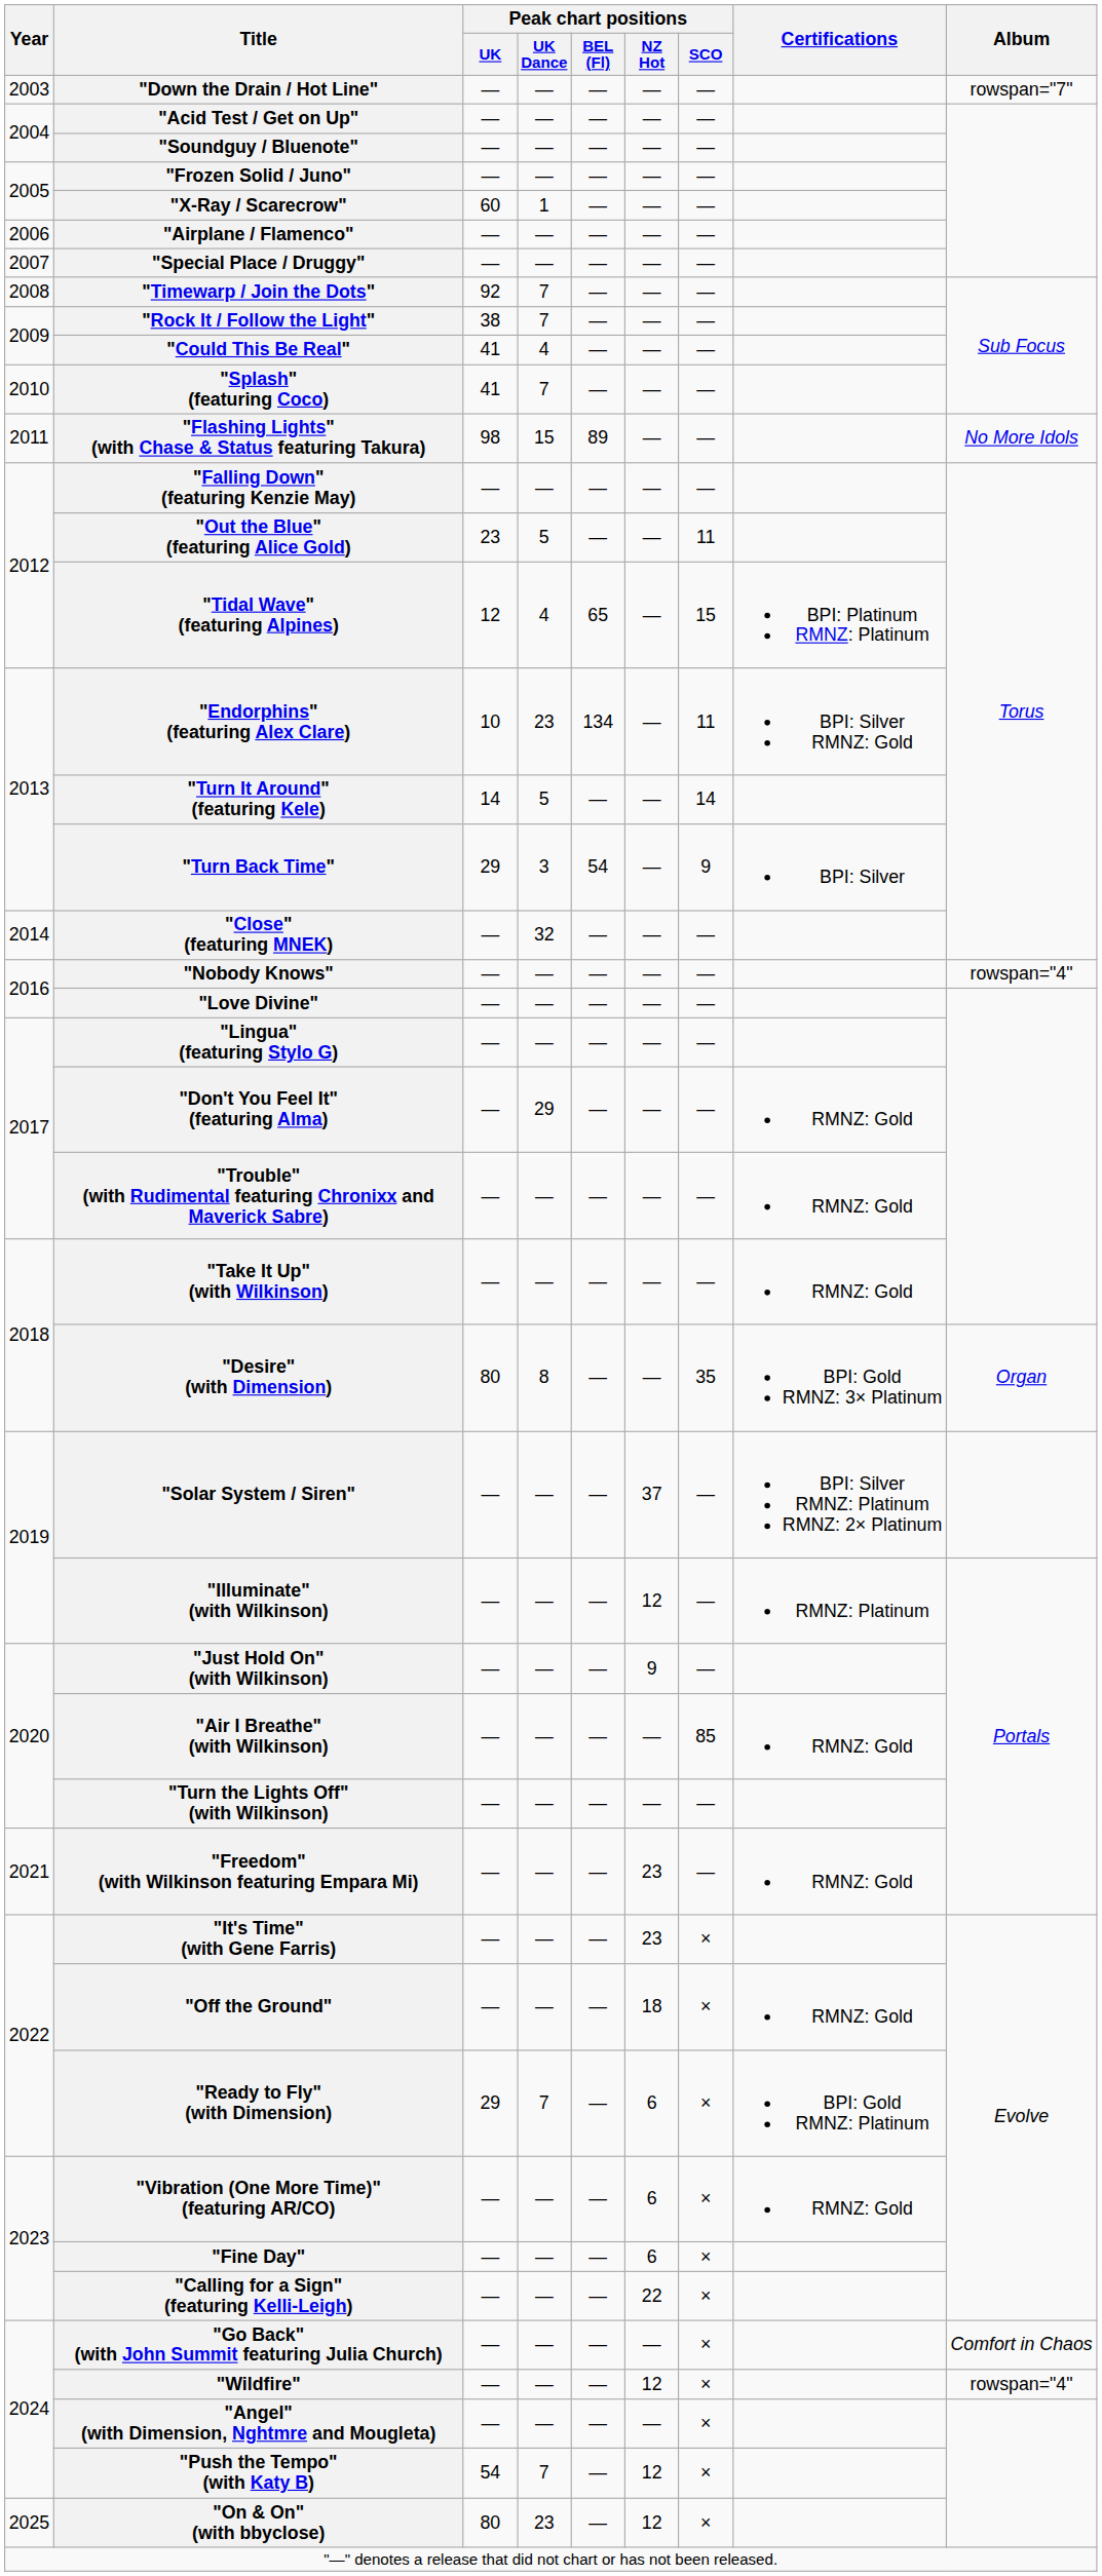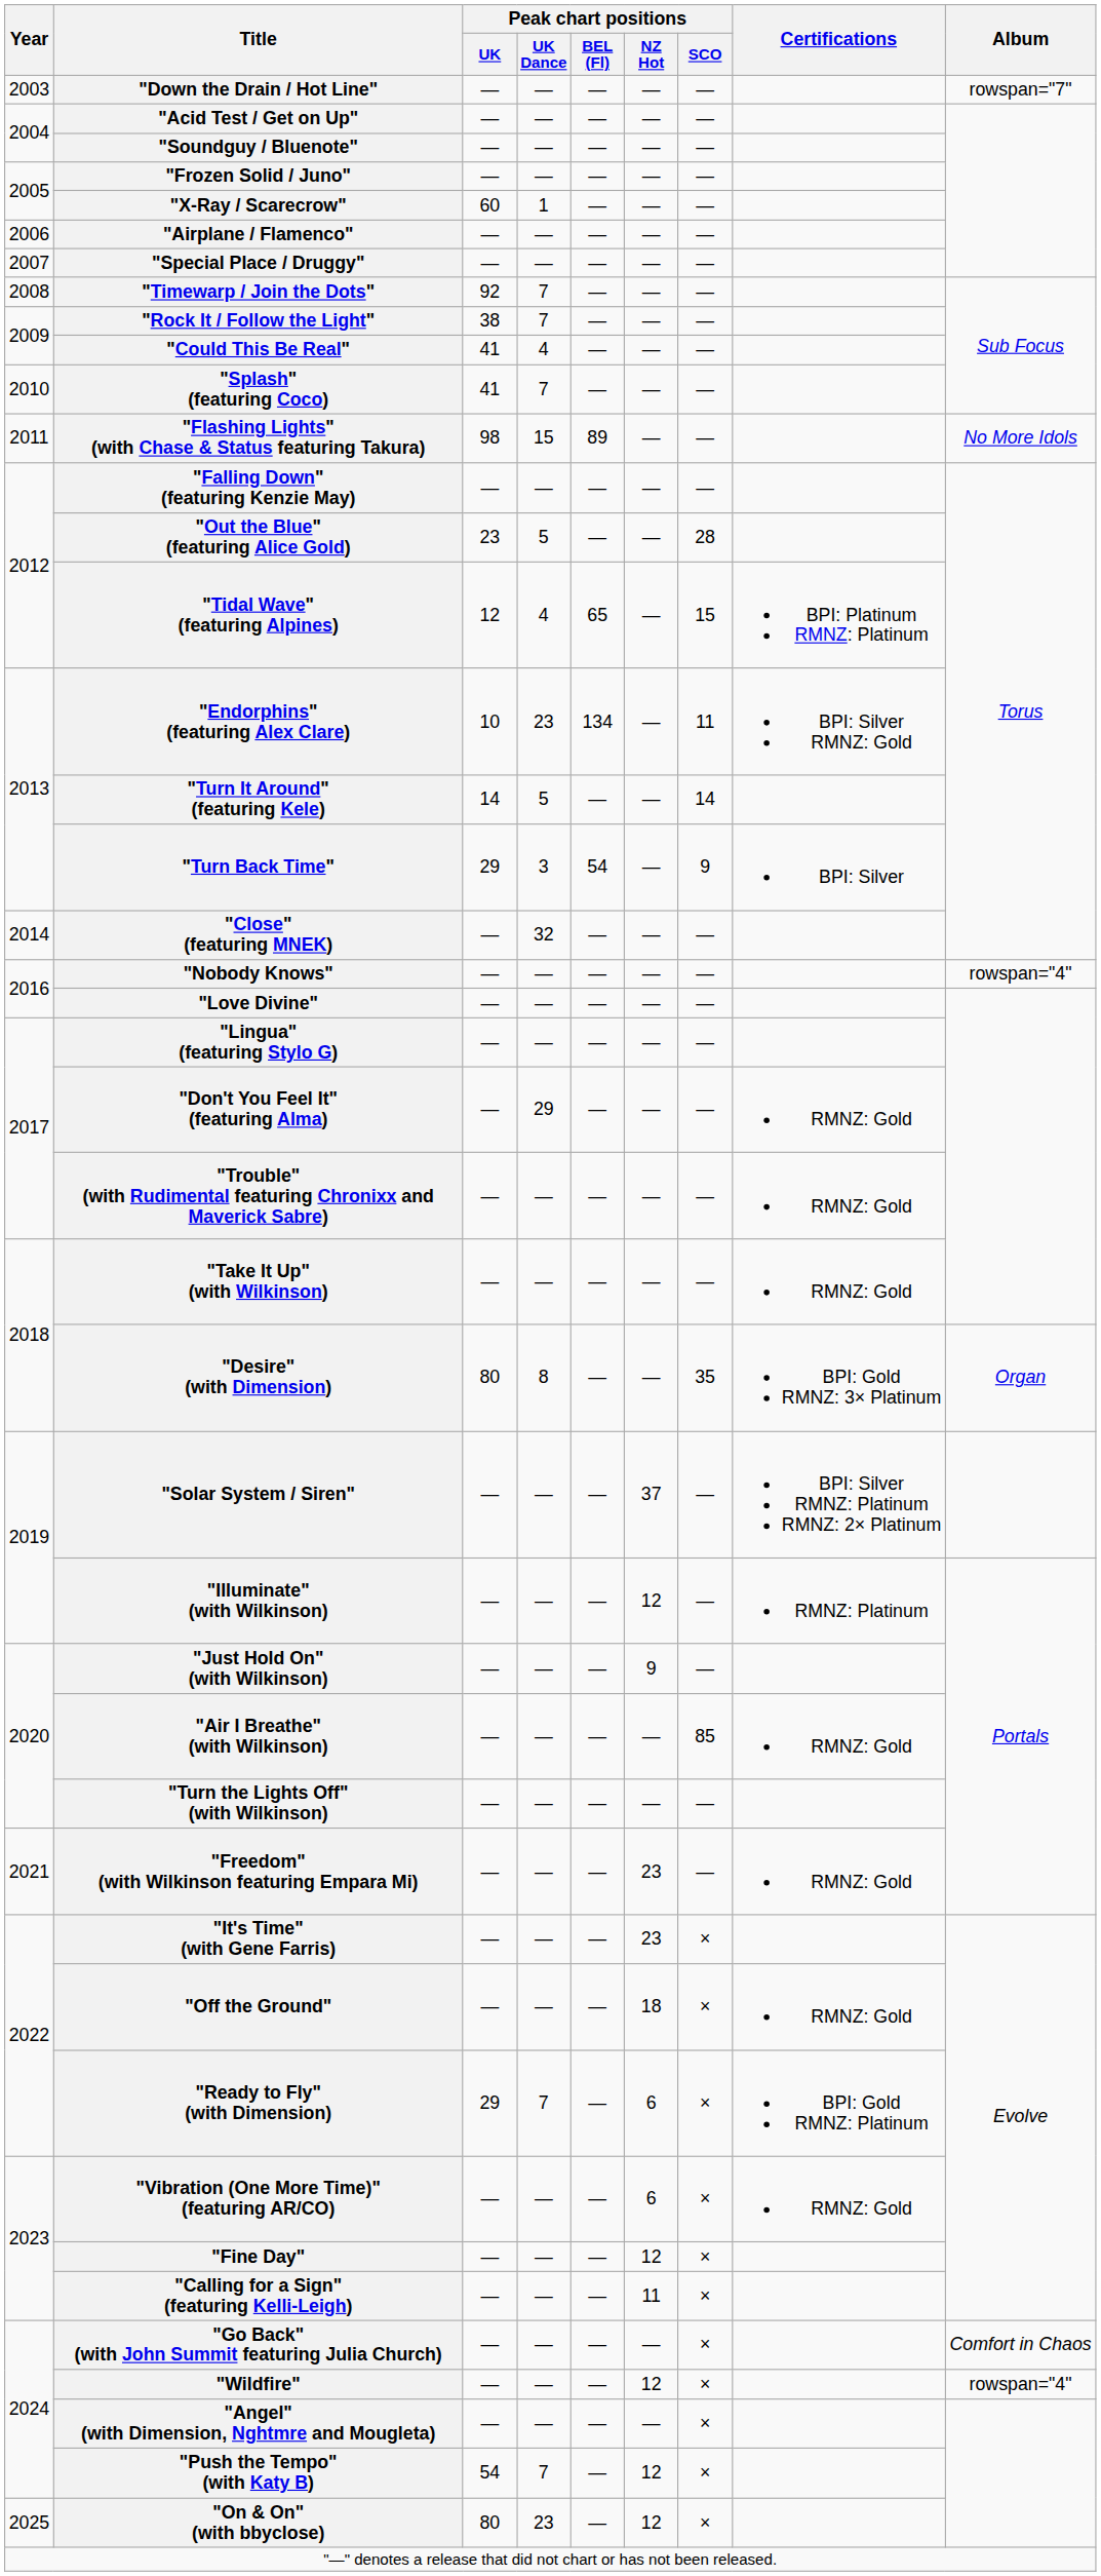 <table class="wikitable plainrowheaders" style="text-align:center;">
 <tr>
 <th scope="col" rowspan="2" style="width:1em;">Year</th>
 <th scope="col" rowspan="2" style="width:22em;">Title</th>
 <th scope="col" colspan="5">Peak chart positions</th>
 <th scope="col" rowspan="2"><a href='#'>Certifications</a></th>
 <th scope="col" rowspan="2">Album</th>
 </tr>
 <tr>
 <th scope="col" style="width:3em;font-size:85%;"><a href='#'>UK</a><br></th>
 <th scope="col" style="width:3em;font-size:85%;"><a href='#'>UK<br>Dance</a><br></th>
 <th scope="col" style="width:3em;font-size:85%;"><a href='#'>BEL<br>(Fl)</a><br></th>
 <th scope="col" style="width:3em;font-size:85%;"><a href='#'>NZ<br>Hot</a><br></th>
 <th scope="col" style="width:3em;font-size:85%;"><a href='#'>SCO</a><br></th>
 </tr>
 <tr>
 <td>2003</td>
 <th scope="row">"Down the Drain / Hot Line"</th>
 <td>—</td>
 <td>—</td>
 <td>—</td>
 <td>—</td>
 <td>—</td>
 <td></td>
 <td>rowspan="7" </td>
 </tr>
 <tr>
 <td rowspan="2">2004</td>
 <th scope="row">"Acid Test / Get on Up"</th>
 <td>—</td>
 <td>—</td>
 <td>—</td>
 <td>—</td>
 <td>—</td>
 <td></td>
 </tr>
 <tr>
 <th scope="row">"Soundguy / Bluenote"</th>
 <td>—</td>
 <td>—</td>
 <td>—</td>
 <td>—</td>
 <td>—</td>
 <td></td>
 </tr>
 <tr>
 <td rowspan="2">2005</td>
 <th scope="row">"Frozen Solid / Juno"</th>
 <td>—</td>
 <td>—</td>
 <td>—</td>
 <td>—</td>
 <td>—</td>
 <td></td>
 </tr>
 <tr>
 <th scope="row">"X-Ray / Scarecrow"</th>
 <td>60</td>
 <td>1</td>
 <td>—</td>
 <td>—</td>
 <td>—</td>
 <td></td>
 </tr>
 <tr>
 <td>2006</td>
 <th scope="row">"Airplane / Flamenco"</th>
 <td>—</td>
 <td>—</td>
 <td>—</td>
 <td>—</td>
 <td>—</td>
 <td></td>
 </tr>
 <tr>
 <td>2007</td>
 <th scope="row">"Special Place / Druggy"</th>
 <td>—</td>
 <td>—</td>
 <td>—</td>
 <td>—</td>
 <td>—</td>
 <td></td>
 </tr>
 <tr>
 <td>2008</td>
 <th scope="row">"<a href='#'>Timewarp / Join the Dots</a>"</th>
 <td>92</td>
 <td>7</td>
 <td>—</td>
 <td>—</td>
 <td>—</td>
 <td></td>
 <td rowspan="4"><em><a href='#'>Sub Focus</a></em></td>
 </tr>
 <tr>
 <td rowspan="2">2009</td>
 <th scope="row">"<a href='#'>Rock It / Follow the Light</a>"</th>
 <td>38</td>
 <td>7</td>
 <td>—</td>
 <td>—</td>
 <td>—</td>
 <td></td>
 </tr>
 <tr>
 <th scope="row">"<a href='#'>Could This Be Real</a>"</th>
 <td>41</td>
 <td>4</td>
 <td>—</td>
 <td>—</td>
 <td>—</td>
 <td></td>
 </tr>
 <tr>
 <td>2010</td>
 <th scope="row">"<a href='#'>Splash</a>"<br><span>(featuring <a href='#'>Coco</a>)</span></th>
 <td>41</td>
 <td>7</td>
 <td>—</td>
 <td>—</td>
 <td>—</td>
 <td></td>
 </tr>
 <tr>
 <td>2011</td>
 <th scope="row">"<a href='#'>Flashing Lights</a>"<br><span>(with <a href='#'>Chase & Status</a> featuring Takura)</span></th>
 <td>98</td>
 <td>15</td>
 <td>89</td>
 <td>—</td>
 <td>—</td>
 <td></td>
 <td><em><a href='#'>No More Idols</a></em></td>
 </tr>
 <tr>
 <td rowspan="3">2012</td>
 <th scope="row">"<a href='#'>Falling Down</a>"<br><span>(featuring Kenzie May)</span></th>
 <td>—</td>
 <td>—</td>
 <td>—</td>
 <td>—</td>
 <td>—</td>
 <td></td>
 <td rowspan="7"><em><a href='#'>Torus</a></em></td>
 </tr>
 <tr>
 <th scope="row">"<a href='#'>Out the Blue</a>"<br><span>(featuring <a href='#'>Alice Gold</a>)</span></th>
 <td>23</td>
 <td>5</td>
 <td>—</td>
 <td>—</td>
-<td>11</td>
+<td>28</td>
 <td></td>
 </tr>
 <tr>
 <th scope="row">"<a href='#'>Tidal Wave</a>"<br><span>(featuring <a href='#'>Alpines</a>)</span></th>
 <td>12</td>
 <td>4</td>
 <td>65</td>
 <td>—</td>
 <td>15</td>
 <td><br><ul><li>BPI: Platinum</li><li><a href='#'>RMNZ</a>: Platinum</li></ul></td>
 </tr>
 <tr>
 <td rowspan="3">2013</td>
 <th scope="row">"<a href='#'>Endorphins</a>"<br><span>(featuring <a href='#'>Alex Clare</a>)</span></th>
 <td>10</td>
 <td>23</td>
 <td>134</td>
 <td>—</td>
 <td>11</td>
 <td><br><ul><li>BPI: Silver</li><li>RMNZ: Gold</li></ul></td>
 </tr>
 <tr>
 <th scope="row">"<a href='#'>Turn It Around</a>"<br><span>(featuring <a href='#'>Kele</a>)</span></th>
 <td>14</td>
 <td>5</td>
 <td>—</td>
 <td>—</td>
 <td>14</td>
 <td></td>
 </tr>
 <tr>
 <th scope="row">"<a href='#'>Turn Back Time</a>"</th>
 <td>29</td>
 <td>3</td>
 <td>54</td>
 <td>—</td>
 <td>9</td>
 <td><br><ul><li>BPI: Silver</li></ul></td>
 </tr>
 <tr>
 <td>2014</td>
 <th scope="row">"<a href='#'>Close</a>"<br><span>(featuring <a href='#'>MNEK</a>)</span></th>
 <td>—</td>
 <td>32</td>
 <td>—</td>
 <td>—</td>
 <td>—</td>
 <td></td>
 </tr>
 <tr>
 <td rowspan="2">2016</td>
 <th scope="row">"Nobody Knows"</th>
 <td>—</td>
 <td>—</td>
 <td>—</td>
 <td>—</td>
 <td>—</td>
 <td></td>
 <td>rowspan="4" </td>
 </tr>
 <tr>
 <th scope="row">"Love Divine"</th>
 <td>—</td>
 <td>—</td>
 <td>—</td>
 <td>—</td>
 <td>—</td>
 <td></td>
 </tr>
 <tr>
 <td rowspan="3">2017</td>
 <th scope="row">"Lingua"<br><span>(featuring <a href='#'>Stylo G</a>)</span></th>
 <td>—</td>
 <td>—</td>
 <td>—</td>
 <td>—</td>
 <td>—</td>
 <td></td>
 </tr>
 <tr>
 <th scope="row">"Don't You Feel It"<br><span>(featuring <a href='#'>Alma</a>)</span></th>
 <td>—</td>
 <td>29</td>
 <td>—</td>
 <td>—</td>
 <td>—</td>
 <td><br><ul><li>RMNZ: Gold</li></ul></td>
 </tr>
 <tr>
 <th scope="row">"Trouble"<br><span>(with <a href='#'>Rudimental</a> featuring <a href='#'>Chronixx</a> and <a href='#'>Maverick Sabre</a>)</span></th>
 <td>—</td>
 <td>—</td>
 <td>—</td>
 <td>—</td>
 <td>—</td>
 <td><br><ul><li>RMNZ: Gold</li></ul></td>
 </tr>
 <tr>
 <td rowspan="2">2018</td>
 <th scope="row">"Take It Up"<br><span>(with <a href='#'>Wilkinson</a>)</span></th>
 <td>—</td>
 <td>—</td>
 <td>—</td>
 <td>—</td>
 <td>—</td>
 <td><br><ul><li>RMNZ: Gold</li></ul></td>
 </tr>
 <tr>
 <th scope="row">"Desire"<br><span>(with <a href='#'>Dimension</a>)</span></th>
 <td>80</td>
 <td>8</td>
 <td>—</td>
 <td>—</td>
 <td>35</td>
 <td><br><ul><li>BPI: Gold</li><li>RMNZ: 3× Platinum</li></ul></td>
 <td><em><a href='#'>Organ</a></em></td>
 </tr>
 <tr>
 <td rowspan="2">2019</td>
 <th scope="row">"Solar System / Siren"</th>
 <td>—</td>
 <td>—</td>
 <td>—</td>
 <td>37</td>
 <td>—</td>
 <td><br><ul><li>BPI: Silver</li><li>RMNZ: Platinum </li><li>RMNZ: 2× Platinum </li></ul></td>
 <td></td>
 </tr>
 <tr>
 <th scope="row">"Illuminate" <br><span>(with Wilkinson)</span></th>
 <td>—</td>
 <td>—</td>
 <td>—</td>
 <td>12</td>
 <td>—</td>
 <td><br><ul><li>RMNZ: Platinum</li></ul></td>
 <td rowspan="5"><em><a href='#'>Portals</a></em></td>
 </tr>
 <tr>
 <td rowspan="3">2020</td>
 <th scope="row">"Just Hold On" <br><span>(with Wilkinson)</span></th>
 <td>—</td>
 <td>—</td>
 <td>—</td>
 <td>9</td>
 <td>—</td>
 <td></td>
 </tr>
 <tr>
 <th scope="row">"Air I Breathe" <br><span>(with Wilkinson)</span></th>
 <td>—</td>
 <td>—</td>
 <td>—</td>
 <td>—</td>
 <td>85</td>
 <td><br><ul><li>RMNZ: Gold</li></ul></td>
 </tr>
 <tr>
 <th scope="row">"Turn the Lights Off"<br><span>(with Wilkinson)</span></th>
 <td>—</td>
 <td>—</td>
 <td>—</td>
 <td>—</td>
 <td>—</td>
 <td></td>
 </tr>
 <tr>
 <td>2021</td>
 <th scope="row">"Freedom"<br><span>(with Wilkinson featuring Empara Mi)</span></th>
 <td>—</td>
 <td>—</td>
 <td>—</td>
 <td>23</td>
 <td>—</td>
 <td><br><ul><li>RMNZ: Gold</li></ul></td>
 </tr>
 <tr>
 <td rowspan="3">2022</td>
 <th scope="row">"It's Time"<br><span>(with Gene Farris)</span></th>
 <td>—</td>
 <td>—</td>
 <td>—</td>
 <td>23</td>
 <td>×</td>
 <td></td>
 <td rowspan="6"><em>Evolve</em></td>
 </tr>
 <tr>
 <th scope="row">"Off the Ground"</th>
 <td>—</td>
 <td>—</td>
 <td>—</td>
 <td>18</td>
 <td>×</td>
 <td><br><ul><li>RMNZ: Gold</li></ul></td>
 </tr>
 <tr>
 <th scope="row">"Ready to Fly"<br><span>(with Dimension)</span></th>
 <td>29</td>
 <td>7</td>
 <td>—</td>
 <td>6</td>
 <td>×</td>
 <td><br><ul><li>BPI: Gold</li><li>RMNZ: Platinum</li></ul></td>
 </tr>
 <tr>
 <td rowspan="3">2023</td>
 <th scope="row">"Vibration (One More Time)"<br><span>(featuring AR/CO)</span></th>
 <td>—</td>
 <td>—</td>
 <td>—</td>
 <td>6</td>
 <td>×</td>
 <td><br><ul><li>RMNZ: Gold</li></ul></td>
 </tr>
 <tr>
 <th scope="row">"Fine Day"</th>
 <td>—</td>
 <td>—</td>
 <td>—</td>
-<td>6</td>
+<td>12</td>
 <td>×</td>
 <td></td>
 </tr>
 <tr>
 <th scope="row">"Calling for a Sign"<br><span>(featuring <a href='#'>Kelli-Leigh</a>)</span></th>
 <td>—</td>
 <td>—</td>
 <td>—</td>
-<td>22</td>
+<td>11</td>
 <td>×</td>
 <td></td>
 </tr>
 <tr>
 <td rowspan="4">2024</td>
 <th scope="row">"Go Back"<br><span>(with <a href='#'>John Summit</a> featuring Julia Church)</span></th>
 <td>—</td>
 <td>—</td>
 <td>—</td>
 <td>—</td>
 <td>×</td>
 <td></td>
 <td><em>Comfort in Chaos</em></td>
 </tr>
 <tr>
 <th scope="row">"Wildfire"</th>
 <td>—</td>
 <td>—</td>
 <td>—</td>
 <td>12</td>
 <td>×</td>
 <td></td>
 <td>rowspan="4" </td>
 </tr>
 <tr>
 <th scope="row">"Angel"<br><span>(with Dimension, <a href='#'>Nghtmre</a> and Mougleta)</span></th>
 <td>—</td>
 <td>—</td>
 <td>—</td>
 <td>—</td>
 <td>×</td>
 <td></td>
 </tr>
 <tr>
 <th scope="row">"Push the Tempo"<br><span>(with <a href='#'>Katy B</a>)</span></th>
 <td>54</td>
 <td>7</td>
 <td>—</td>
 <td>12</td>
 <td>×</td>
 <td></td>
 </tr>
 <tr>
 <td>2025</td>
 <th scope="row">"On & On"<br><span>(with bbyclose)</span></th>
 <td>80</td>
 <td>23</td>
 <td>—</td>
 <td>12</td>
 <td>×</td>
 <td></td>
 </tr>
 <tr>
 <td colspan="9" style="font-size: 85%">"—" denotes a release that did not chart or has not been released.</td>
 </tr>
 </table>
